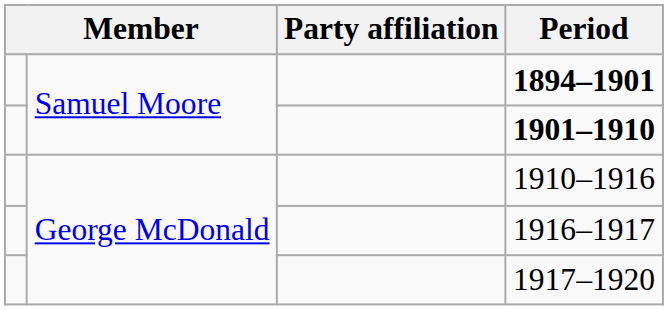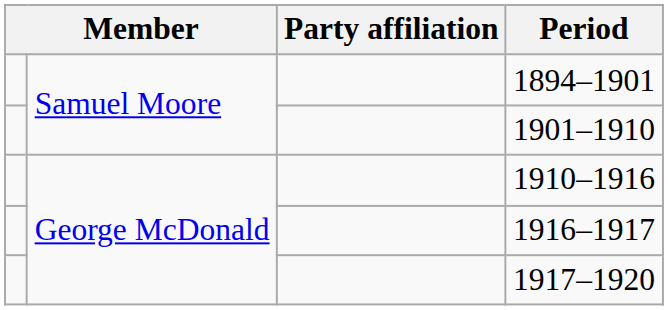 <table class="wikitable">
 <tr>
 <th colspan="2">Member</th>
 <th>Party affiliation</th>
 <th>Period</th>
 </tr>
 <tr>
 <td> </td>
 <td rowspan="2"><a href='#'>Samuel Moore</a></td>
 <td></td>
-<td><strong>1894–1901</strong></td>
+<td>1894–1901</td>
 </tr>
 <tr>
 <td> </td>
 <td></td>
-<td><strong>1901–1910</strong></td>
+<td>1901–1910</td>
 </tr>
 <tr>
 <td> </td>
 <td rowspan="3"><a href='#'>George McDonald</a></td>
 <td></td>
 <td>1910–1916</td>
 </tr>
 <tr>
 <td> </td>
 <td></td>
 <td>1916–1917</td>
 </tr>
 <tr>
 <td> </td>
 <td></td>
 <td>1917–1920</td>
 </tr>
 </table>
